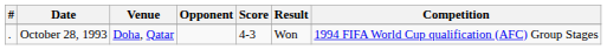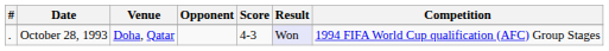 <table class="wikitable">
 <tr>
 <th>#</th>
 <th>Date</th>
 <th>Venue</th>
 <th>Opponent</th>
 <th>Score</th>
 <th>Result</th>
 <th>Competition</th>
 </tr>
 <tr>
 </tr>
 <tr>
 <td>.</td>
 <td>October 28, 1993</td>
 <td><a href='#'>Doha</a>, <a href='#'>Qatar</a></td>
 <td></td>
 <td>4-3</td>
-<td>Won</td>
+<td style="background: lavender;">Won</td>
 <td><a href='#'>1994 FIFA World Cup qualification (AFC)</a> Group Stages</td>
 </tr>
 </table>
